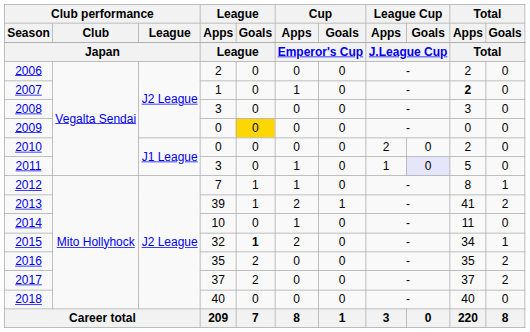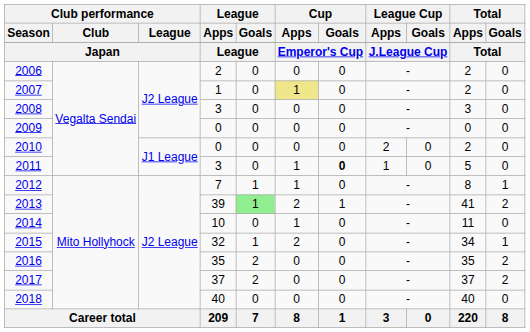 <table class="wikitable" style="text-align:center">
 <tr>
 <th colspan=3>Club performance</th>
 <th colspan=2>League</th>
 <th colspan=2>Cup</th>
 <th colspan=2>League Cup</th>
 <th colspan=2>Total</th>
 </tr>
 <tr>
 <th>Season</th>
 <th>Club</th>
 <th>League</th>
 <th>Apps</th>
 <th>Goals</th>
 <th>Apps</th>
 <th>Goals</th>
 <th>Apps</th>
 <th>Goals</th>
 <th>Apps</th>
 <th>Goals</th>
 </tr>
 <tr>
 </tr>
 <tr>
 <th colspan=3>Japan</th>
 <th colspan=2>League</th>
 <th colspan=2><a href='#'>Emperor's Cup</a></th>
 <th colspan=2><a href='#'>J.League Cup</a></th>
 <th colspan=2>Total</th>
 </tr>
 <tr>
 <td><a href='#'>2006</a></td>
 <td rowspan="6"><a href='#'>Vegalta Sendai</a></td>
 <td rowspan="4"><a href='#'>J2 League</a></td>
 <td>2</td>
 <td>0</td>
 <td>0</td>
 <td>0</td>
 <td colspan="2">-</td>
 <td>2</td>
 <td>0</td>
 </tr>
 <tr>
 <td><a href='#'>2007</a></td>
 <td>1</td>
 <td>0</td>
-<td>1</td>
+<td style="background: khaki;">1</td>
 <td>0</td>
 <td colspan="2">-</td>
-<td><strong>2</strong></td>
+<td>2</td>
 <td>0</td>
 </tr>
 <tr>
 <td><a href='#'>2008</a></td>
 <td>3</td>
 <td>0</td>
 <td>0</td>
 <td>0</td>
 <td colspan="2">-</td>
 <td>3</td>
 <td>0</td>
 </tr>
 <tr>
 <td><a href='#'>2009</a></td>
 <td>0</td>
-<td style="background: gold;">0</td>
+<td>0</td>
 <td>0</td>
 <td>0</td>
 <td colspan="2">-</td>
 <td>0</td>
 <td>0</td>
 </tr>
 <tr>
 <td><a href='#'>2010</a></td>
 <td rowspan="2"><a href='#'>J1 League</a></td>
 <td>0</td>
 <td>0</td>
 <td>0</td>
 <td>0</td>
 <td>2</td>
 <td>0</td>
 <td>2</td>
 <td>0</td>
 </tr>
 <tr>
 <td><a href='#'>2011</a></td>
 <td>3</td>
 <td>0</td>
 <td>1</td>
+<td><strong>0</strong></td>
+<td>1</td>
 <td>0</td>
-<td>1</td>
-<td style="background: lavender;">0</td>
 <td>5</td>
 <td>0</td>
 </tr>
 <tr>
 <td><a href='#'>2012</a></td>
 <td rowspan="7"><a href='#'>Mito Hollyhock</a></td>
 <td rowspan="7"><a href='#'>J2 League</a></td>
 <td>7</td>
 <td>1</td>
 <td>1</td>
 <td>0</td>
 <td colspan="2">-</td>
 <td>8</td>
 <td>1</td>
 </tr>
 <tr>
 <td><a href='#'>2013</a></td>
 <td>39</td>
-<td>1</td>
+<td style="background: lightgreen;">1</td>
 <td>2</td>
 <td>1</td>
 <td colspan="2">-</td>
 <td>41</td>
 <td>2</td>
 </tr>
 <tr>
 <td><a href='#'>2014</a></td>
 <td>10</td>
 <td>0</td>
 <td>1</td>
 <td>0</td>
 <td colspan="2">-</td>
 <td>11</td>
 <td>0</td>
 </tr>
 <tr>
 <td><a href='#'>2015</a></td>
 <td>32</td>
-<td><strong>1</strong></td>
+<td>1</td>
 <td>2</td>
 <td>0</td>
 <td colspan="2">-</td>
 <td>34</td>
 <td>1</td>
 </tr>
 <tr>
 <td><a href='#'>2016</a></td>
 <td>35</td>
 <td>2</td>
 <td>0</td>
 <td>0</td>
 <td colspan="2">-</td>
 <td>35</td>
 <td>2</td>
 </tr>
 <tr>
 <td><a href='#'>2017</a></td>
 <td>37</td>
 <td>2</td>
 <td>0</td>
 <td>0</td>
 <td colspan="2">-</td>
 <td>37</td>
 <td>2</td>
 </tr>
 <tr>
 <td><a href='#'>2018</a></td>
 <td>40</td>
 <td>0</td>
 <td>0</td>
 <td>0</td>
 <td colspan="2">-</td>
 <td>40</td>
 <td>0</td>
 </tr>
 <tr>
 <th colspan=3>Career total</th>
 <th>209</th>
 <th>7</th>
 <th>8</th>
 <th>1</th>
 <th>3</th>
 <th>0</th>
 <th>220</th>
 <th>8</th>
 </tr>
 </table>
